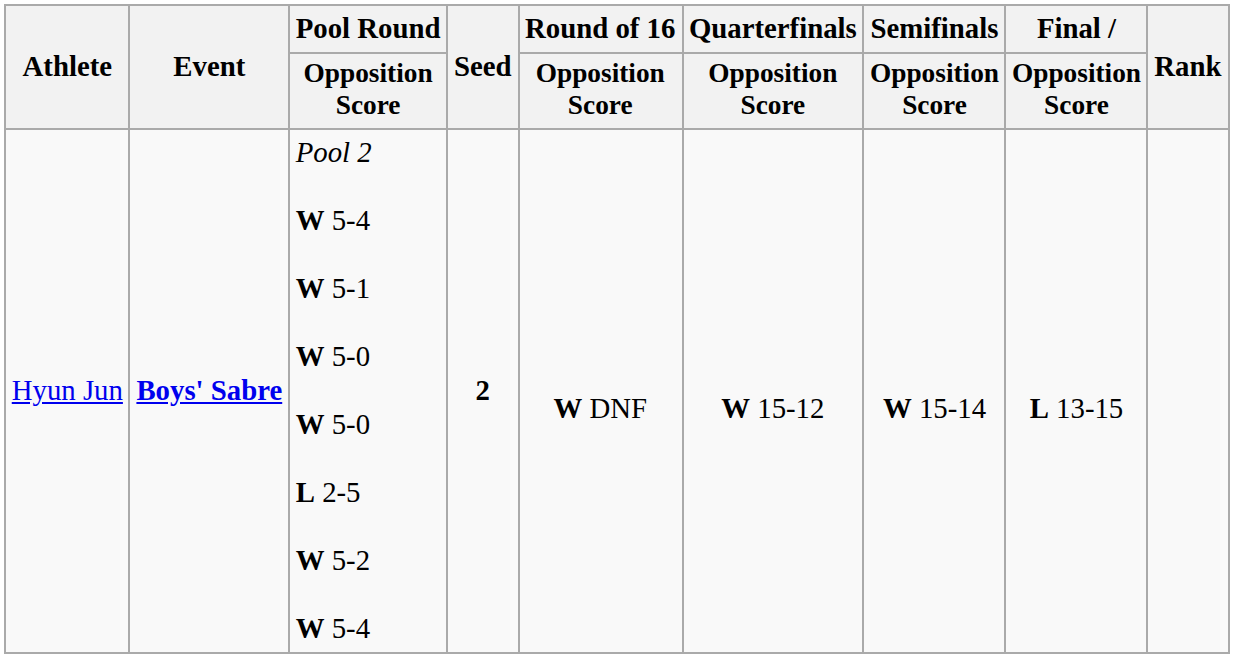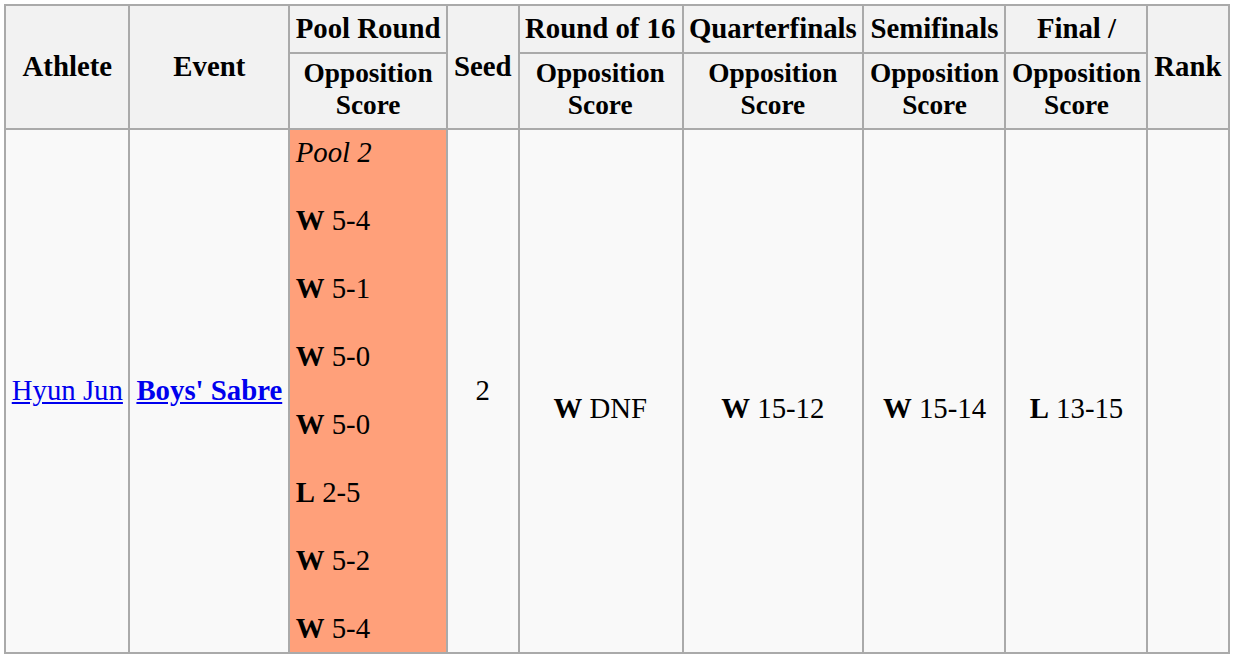 <table class=wikitable style="font-size:90%">
 <tr>
 <th rowspan="2">Athlete</th>
 <th rowspan="2">Event</th>
 <th>Pool Round</th>
 <th rowspan="2">Seed</th>
 <th>Round of 16</th>
 <th>Quarterfinals</th>
 <th>Semifinals</th>
 <th>Final / </th>
 <th rowspan=2>Rank</th>
 </tr>
 <tr style="font-size:95%">
 <th>Opposition<br>Score</th>
 <th>Opposition<br>Score</th>
 <th>Opposition<br>Score</th>
 <th>Opposition<br>Score</th>
 <th>Opposition<br>Score</th>
 </tr>
 <tr align=center>
 <td align=left><a href='#'>Hyun Jun</a></td>
 <td align=left><strong><a href='#'>Boys' Sabre</a></strong></td>
-<td align=left><em>Pool 2</em><br><br><strong>W</strong> 5-4<br><br><strong>W</strong> 5-1<br><br><strong>W</strong> 5-0<br><br><strong>W</strong> 5-0<br><br><strong>L</strong> 2-5<br><br><strong>W</strong> 5-2<br><br><strong>W</strong> 5-4</td>
-<td><strong>2</strong></td>
+<td align=left style="background: lightsalmon;"><em>Pool 2</em><br><br><strong>W</strong> 5-4<br><br><strong>W</strong> 5-1<br><br><strong>W</strong> 5-0<br><br><strong>W</strong> 5-0<br><br><strong>L</strong> 2-5<br><br><strong>W</strong> 5-2<br><br><strong>W</strong> 5-4</td>
+<td>2</td>
 <td><br><strong>W</strong> DNF</td>
 <td><br><strong>W</strong> 15-12</td>
 <td><br><strong>W</strong> 15-14</td>
 <td><br><strong>L</strong> 13-15</td>
 <td></td>
 </tr>
 </table>
